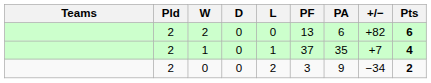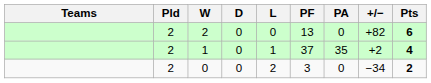 <table class="wikitable" style="text-align: center;">
 <tr>
 <th width="200">Teams</th>
 <th width="40">Pld</th>
 <th width="40">W</th>
 <th width="40">D</th>
 <th width="40">L</th>
 <th width="40">PF</th>
 <th width="40">PA</th>
 <th width="40">+/−</th>
 <th width="40">Pts</th>
 </tr>
 <tr bgcolor=ccffcc>
 <td align=left></td>
 <td>2</td>
 <td>2</td>
 <td>0</td>
 <td>0</td>
 <td>13</td>
-<td>6</td>
+<td>0</td>
 <td>+82</td>
 <td><strong>6</strong></td>
 </tr>
 <tr bgcolor=ccffcc>
 <td align=left></td>
 <td>2</td>
 <td>1</td>
 <td>0</td>
 <td>1</td>
 <td>37</td>
 <td>35</td>
-<td>+7</td>
+<td>+2</td>
 <td><strong>4</strong></td>
 </tr>
 <tr>
 <td align=left></td>
 <td>2</td>
 <td>0</td>
 <td>0</td>
 <td>2</td>
 <td>3</td>
-<td>9</td>
+<td>0</td>
 <td>−34</td>
 <td><strong>2</strong></td>
 </tr>
 </table>
